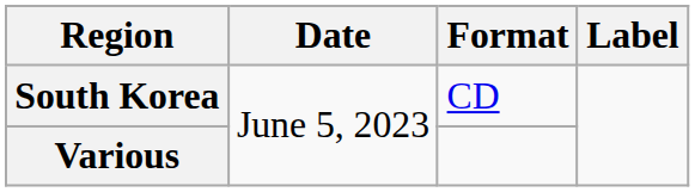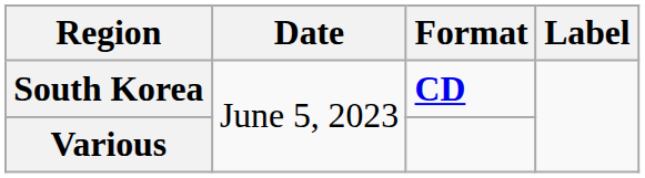 <table class="wikitable plainrowheaders">
 <tr>
 <th scope="col">Region </th>
 <th scope="col">Date</th>
 <th scope="col">Format</th>
 <th scope="col">Label</th>
 </tr>
 <tr>
 <th scope="row">South Korea</th>
 <td rowspan="2">June 5, 2023</td>
-<td><a href='#'>CD</a></td>
+<td><strong><a href='#'>CD</a></strong></td>
 <td rowspan="2"></td>
 </tr>
 <tr>
 <th scope="row">Various </th>
 <td></td>
 </tr>
 </table>
